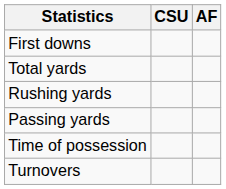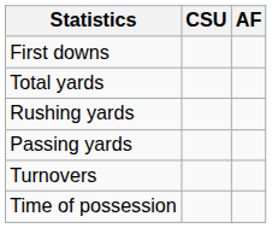 <table class="wikitable" style="float: left;">
 <tr>
 <th>Statistics</th>
 <th>CSU</th>
 <th>AF</th>
 </tr>
 <tr>
 <td>First downs</td>
 <td></td>
 <td></td>
 </tr>
 <tr>
 <td>Total yards</td>
 <td></td>
 <td></td>
 </tr>
 <tr>
 <td>Rushing yards</td>
 <td></td>
 <td></td>
 </tr>
 <tr>
 <td>Passing yards</td>
 <td></td>
 <td></td>
 </tr>
 <tr>
+<td>Turnovers</td>
+<td></td>
+<td></td>
+</tr>
+<tr>
 <td>Time of possession</td>
 <td></td>
 <td></td>
 </tr>
-<tr>
-<td>Turnovers</td>
-<td></td>
-<td></td>
-</tr>
 </table>
